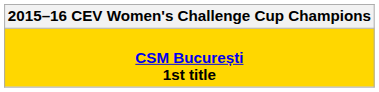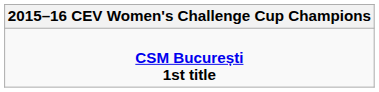 <table class=wikitable style="text-align:center; margin:auto">
 <tr>
 <th>2015–16 CEV Women's Challenge Cup Champions</th>
 </tr>
 <tr>
-<td style="background: gold;"><br> <strong><a href='#'>CSM București</a></strong><br> <strong>1st title</strong></td>
+<td><br> <strong><a href='#'>CSM București</a></strong><br> <strong>1st title</strong></td>
 </tr>
 </table>
